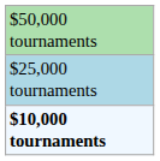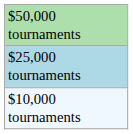 <table class="wikitable" style="font-size:85%;" width=13%>
 <tr bgcolor="#ADDFAD">
 <td>$50,000 tournaments</td>
 </tr>
 <tr bgcolor="lightblue">
 <td>$25,000 tournaments</td>
 </tr>
 <tr bgcolor="#f0f8ff">
-<td><strong>$10,000 tournaments</strong></td>
+<td>$10,000 tournaments</td>
 </tr>
 </table>
